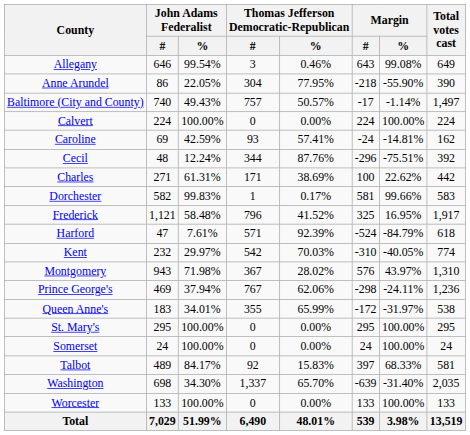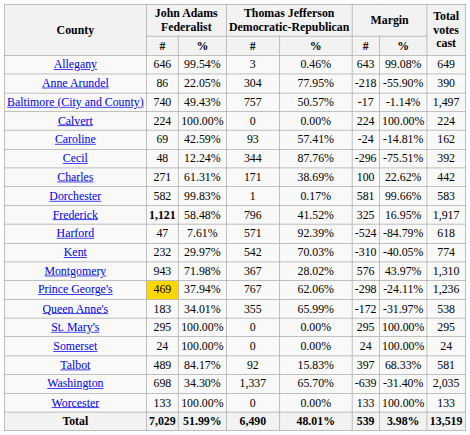 <table class="wikitable sortable">
 <tr>
 <th rowspan="2">County</th>
 <th colspan="2">John Adams<br>Federalist</th>
 <th colspan="2">Thomas Jefferson<br>Democratic-Republican</th>
 <th colspan="2">Margin</th>
 <th rowspan="2">Total<br>votes<br>cast</th>
 </tr>
 <tr>
 <th>#</th>
 <th>%</th>
 <th>#</th>
 <th>%</th>
 <th>#</th>
 <th>%</th>
 </tr>
 <tr style="text-align:center;">
 <td><a href='#'>Allegany</a></td>
 <td>646</td>
 <td>99.54%</td>
 <td>3</td>
 <td>0.46%</td>
 <td>643</td>
 <td>99.08%</td>
 <td>649</td>
 </tr>
 <tr style="text-align:center;">
 <td><a href='#'>Anne Arundel</a></td>
 <td>86</td>
 <td>22.05%</td>
 <td>304</td>
 <td>77.95%</td>
 <td>-218</td>
 <td>-55.90%</td>
 <td>390</td>
 </tr>
 <tr style="text-align:center;">
 <td><a href='#'>Baltimore (City and County)</a></td>
 <td>740</td>
 <td>49.43%</td>
 <td>757</td>
 <td>50.57%</td>
 <td>-17</td>
 <td>-1.14%</td>
 <td>1,497</td>
 </tr>
 <tr style="text-align:center;">
 <td><a href='#'>Calvert</a></td>
 <td>224</td>
 <td>100.00%</td>
 <td>0</td>
 <td>0.00%</td>
 <td>224</td>
 <td>100.00%</td>
 <td>224</td>
 </tr>
 <tr style="text-align:center;">
 <td><a href='#'>Caroline</a></td>
 <td>69</td>
 <td>42.59%</td>
 <td>93</td>
 <td>57.41%</td>
 <td>-24</td>
 <td>-14.81%</td>
 <td>162</td>
 </tr>
 <tr style="text-align:center;">
 <td><a href='#'>Cecil</a></td>
 <td>48</td>
 <td>12.24%</td>
 <td>344</td>
 <td>87.76%</td>
 <td>-296</td>
 <td>-75.51%</td>
 <td>392</td>
 </tr>
 <tr style="text-align:center;">
 <td><a href='#'>Charles</a></td>
 <td>271</td>
 <td>61.31%</td>
 <td>171</td>
 <td>38.69%</td>
 <td>100</td>
 <td>22.62%</td>
 <td>442</td>
 </tr>
 <tr style="text-align:center;">
 <td><a href='#'>Dorchester</a></td>
 <td>582</td>
 <td>99.83%</td>
 <td>1</td>
 <td>0.17%</td>
 <td>581</td>
 <td>99.66%</td>
 <td>583</td>
 </tr>
 <tr style="text-align:center;">
 <td><a href='#'>Frederick</a></td>
-<td>1,121</td>
+<td><strong>1,121</strong></td>
 <td>58.48%</td>
 <td>796</td>
 <td>41.52%</td>
 <td>325</td>
 <td>16.95%</td>
 <td>1,917</td>
 </tr>
 <tr style="text-align:center;">
 <td><a href='#'>Harford</a></td>
 <td>47</td>
 <td>7.61%</td>
 <td>571</td>
 <td>92.39%</td>
 <td>-524</td>
 <td>-84.79%</td>
 <td>618</td>
 </tr>
 <tr style="text-align:center;">
 <td><a href='#'>Kent</a></td>
 <td>232</td>
 <td>29.97%</td>
 <td>542</td>
 <td>70.03%</td>
 <td>-310</td>
 <td>-40.05%</td>
 <td>774</td>
 </tr>
 <tr style="text-align:center;">
 <td><a href='#'>Montgomery</a></td>
 <td>943</td>
 <td>71.98%</td>
 <td>367</td>
 <td>28.02%</td>
 <td>576</td>
 <td>43.97%</td>
 <td>1,310</td>
 </tr>
 <tr style="text-align:center;">
 <td><a href='#'>Prince George's</a></td>
-<td>469</td>
+<td style="background: gold;">469</td>
 <td>37.94%</td>
 <td>767</td>
 <td>62.06%</td>
 <td>-298</td>
 <td>-24.11%</td>
 <td>1,236</td>
 </tr>
 <tr style="text-align:center;">
 <td><a href='#'>Queen Anne's</a></td>
 <td>183</td>
 <td>34.01%</td>
 <td>355</td>
 <td>65.99%</td>
 <td>-172</td>
 <td>-31.97%</td>
 <td>538</td>
 </tr>
 <tr style="text-align:center;">
 <td><a href='#'>St. Mary's</a></td>
 <td>295</td>
 <td>100.00%</td>
 <td>0</td>
 <td>0.00%</td>
 <td>295</td>
 <td>100.00%</td>
 <td>295</td>
 </tr>
 <tr style="text-align:center;">
 <td><a href='#'>Somerset</a></td>
 <td>24</td>
 <td>100.00%</td>
 <td>0</td>
 <td>0.00%</td>
 <td>24</td>
 <td>100.00%</td>
 <td>24</td>
 </tr>
 <tr style="text-align:center;">
 <td><a href='#'>Talbot</a></td>
 <td>489</td>
 <td>84.17%</td>
 <td>92</td>
 <td>15.83%</td>
 <td>397</td>
 <td>68.33%</td>
 <td>581</td>
 </tr>
 <tr style="text-align:center;">
 <td><a href='#'>Washington</a></td>
 <td>698</td>
 <td>34.30%</td>
 <td>1,337</td>
 <td>65.70%</td>
 <td>-639</td>
 <td>-31.40%</td>
 <td>2,035</td>
 </tr>
 <tr style="text-align:center;">
 <td><a href='#'>Worcester</a></td>
 <td>133</td>
 <td>100.00%</td>
 <td>0</td>
 <td>0.00%</td>
 <td>133</td>
 <td>100.00%</td>
 <td>133</td>
 </tr>
 <tr style="text-align:center;">
 <th>Total</th>
 <th>7,029</th>
 <th>51.99%</th>
 <th>6,490</th>
 <th>48.01%</th>
 <th>539</th>
 <th>3.98%</th>
 <th>13,519</th>
 </tr>
 </table>
